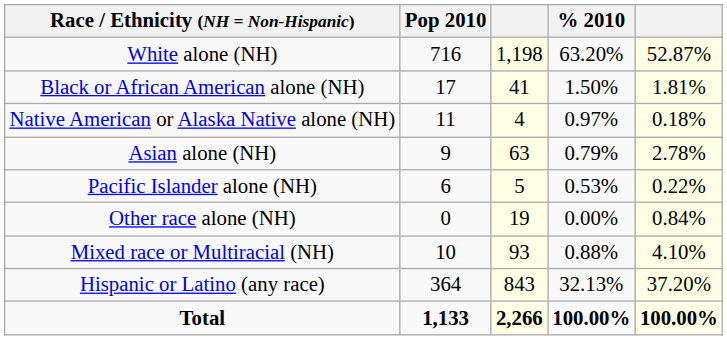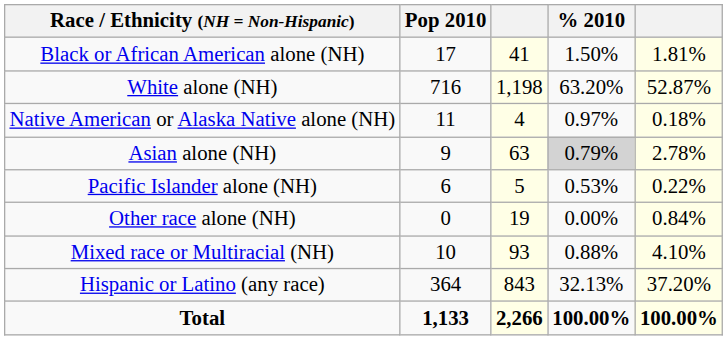 <table class="wikitable" style="text-align:center;">
 <tr>
 <th>Race / Ethnicity <small>(<em>NH = Non-Hispanic</em>)</small></th>
 <th>Pop 2010</th>
 <th></th>
 <th>% 2010</th>
 <th></th>
 </tr>
 <tr>
+<td><a href='#'>Black or African American</a> alone (NH)</td>
+<td>17</td>
+<td style='background: #ffffe6;'>41</td>
+<td>1.50%</td>
+<td style='background: #ffffe6;'>1.81%</td>
+</tr>
+<tr>
 <td><a href='#'>White</a> alone (NH)</td>
 <td>716</td>
 <td style='background: #ffffe6;'>1,198</td>
 <td>63.20%</td>
 <td style='background: #ffffe6;'>52.87%</td>
-</tr>
-<tr>
-<td><a href='#'>Black or African American</a> alone (NH)</td>
-<td>17</td>
-<td style='background: #ffffe6;'>41</td>
-<td>1.50%</td>
-<td style='background: #ffffe6;'>1.81%</td>
 </tr>
 <tr>
 <td><a href='#'>Native American</a> or <a href='#'>Alaska Native</a> alone (NH)</td>
 <td>11</td>
 <td style='background: #ffffe6;'>4</td>
 <td>0.97%</td>
 <td style='background: #ffffe6;'>0.18%</td>
 </tr>
 <tr>
 <td><a href='#'>Asian</a> alone (NH)</td>
 <td>9</td>
 <td style='background: #ffffe6;'>63</td>
-<td>0.79%</td>
+<td style="background: lightgrey;">0.79%</td>
 <td style='background: #ffffe6;'>2.78%</td>
 </tr>
 <tr>
 <td><a href='#'>Pacific Islander</a> alone (NH)</td>
 <td>6</td>
 <td style='background: #ffffe6;'>5</td>
 <td>0.53%</td>
 <td style='background: #ffffe6;'>0.22%</td>
 </tr>
 <tr>
 <td><a href='#'>Other race</a> alone (NH)</td>
 <td>0</td>
 <td style='background: #ffffe6;'>19</td>
 <td>0.00%</td>
 <td style='background: #ffffe6;'>0.84%</td>
 </tr>
 <tr>
 <td><a href='#'>Mixed race or Multiracial</a> (NH)</td>
 <td>10</td>
 <td style='background: #ffffe6;'>93</td>
 <td>0.88%</td>
 <td style='background: #ffffe6;'>4.10%</td>
 </tr>
 <tr>
 <td><a href='#'>Hispanic or Latino</a> (any race)</td>
 <td>364</td>
 <td style='background: #ffffe6;'>843</td>
 <td>32.13%</td>
 <td style='background: #ffffe6;'>37.20%</td>
 </tr>
 <tr>
 <td><strong>Total</strong></td>
 <td><strong>1,133</strong></td>
 <td style='background: #ffffe6;'><strong>2,266</strong></td>
 <td><strong>100.00%</strong></td>
 <td style='background: #ffffe6;'><strong>100.00%</strong></td>
 </tr>
 </table>
